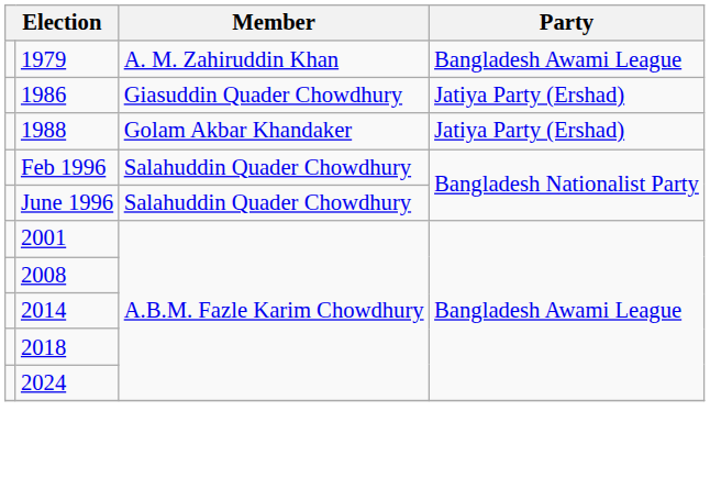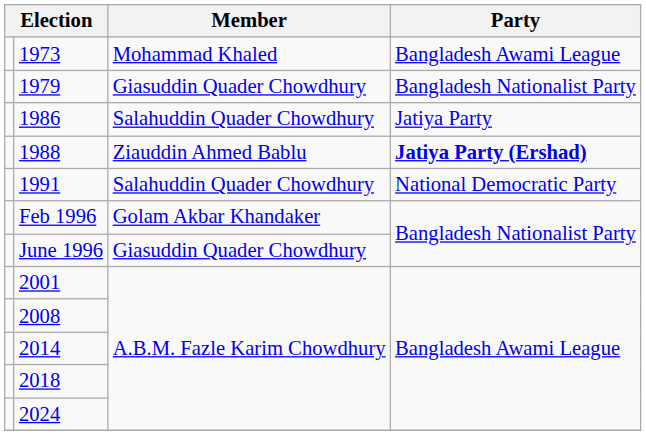 <table class="wikitable">
 <tr>
 <th colspan="2">Election</th>
 <th>Member</th>
 <th>Party</th>
 </tr>
 <tr>
 <td style="background-color:"></td>
-<td><a href='#'>1979</a></td>
-<td><a href='#'>A. M. Zahiruddin Khan</a></td>
+<td><a href='#'>1973</a></td>
+<td><a href='#'>Mohammad Khaled</a></td>
 <td><a href='#'>Bangladesh Awami League</a></td>
 </tr>
 <tr>
 <td style="background-color:"></td>
+<td><a href='#'>1979</a></td>
+<td><a href='#'>Giasuddin Quader Chowdhury</a></td>
+<td><a href='#'>Bangladesh Nationalist Party</a></td>
+</tr>
+<tr>
+<td style="background-color:"></td>
 <td><a href='#'>1986</a></td>
-<td><a href='#'>Giasuddin Quader Chowdhury</a></td>
-<td><a href='#'>Jatiya Party (Ershad)</a></td>
+<td><a href='#'>Salahuddin Quader Chowdhury</a></td>
+<td><a href='#'>Jatiya Party</a></td>
 </tr>
 <tr>
 <td style="background-color:"></td>
 <td><a href='#'>1988</a></td>
-<td><a href='#'>Golam Akbar Khandaker</a></td>
-<td><a href='#'>Jatiya Party (Ershad)</a></td>
+<td><a href='#'>Ziauddin Ahmed Bablu</a></td>
+<td><strong><a href='#'>Jatiya Party (Ershad)</a></strong></td>
+</tr>
+<tr>
+<td style="background-color:"></td>
+<td><a href='#'>1991</a></td>
+<td><a href='#'>Salahuddin Quader Chowdhury</a></td>
+<td><a href='#'>National Democratic Party</a></td>
 </tr>
 <tr>
 <td style="background-color:"></td>
 <td><a href='#'>Feb 1996</a></td>
-<td><a href='#'>Salahuddin Quader Chowdhury</a></td>
+<td><a href='#'>Golam Akbar Khandaker</a></td>
 <td rowspan="2"><a href='#'>Bangladesh Nationalist Party</a></td>
 </tr>
 <tr>
 <td style="background-color:"></td>
 <td><a href='#'>June 1996</a></td>
-<td><a href='#'>Salahuddin Quader Chowdhury</a></td>
+<td><a href='#'>Giasuddin Quader Chowdhury</a></td>
 </tr>
 <tr>
 <td style="background-color:"></td>
 <td><a href='#'>2001</a></td>
 <td rowspan="5"><a href='#'>A.B.M. Fazle Karim Chowdhury</a></td>
 <td rowspan="5"><a href='#'>Bangladesh Awami League</a></td>
 </tr>
 <tr>
 <td style="background-color:"></td>
 <td><a href='#'>2008</a></td>
 </tr>
 <tr>
 <td style="background-color:"></td>
 <td><a href='#'>2014</a></td>
 </tr>
 <tr>
 <td style="background-color:"></td>
 <td><a href='#'>2018</a></td>
 </tr>
 <tr>
 <td style="background-color:"></td>
 <td><a href='#'>2024</a></td>
 </tr>
 <tr>
 </tr>
 </table>
